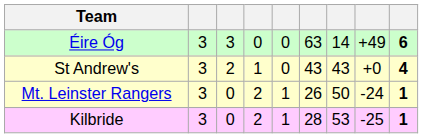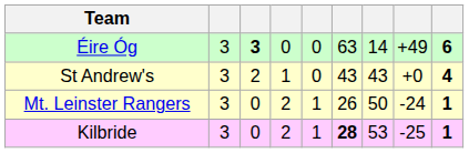 <table class="wikitable" style="text-align:center">
 <tr>
 <th style="width:175px;">Team</th>
 <th width="20"></th>
 <th width="20"></th>
 <th width="20"></th>
 <th width="20"></th>
 <th width="20"></th>
 <th width="20"></th>
 <th width="20"></th>
 <th width="20"></th>
 </tr>
 <tr style="background:#cfc;">
 <td><a href='#'>Éire Óg</a></td>
 <td>3</td>
-<td>3</td>
+<td><strong>3</strong></td>
 <td>0</td>
 <td>0</td>
 <td>63</td>
 <td>14</td>
 <td>+49</td>
 <td><strong>6</strong></td>
 </tr>
 <tr style="background:#ffc;">
 <td>St Andrew's</td>
 <td>3</td>
 <td>2</td>
 <td>1</td>
 <td>0</td>
 <td>43</td>
 <td>43</td>
 <td>+0</td>
 <td><strong>4</strong></td>
 </tr>
 <tr style="background:#ffc;">
 <td><a href='#'>Mt. Leinster Rangers</a></td>
 <td>3</td>
 <td>0</td>
 <td>2</td>
 <td>1</td>
 <td>26</td>
 <td>50</td>
 <td>-24</td>
 <td><strong>1</strong></td>
 </tr>
 <tr style="background:#fcf;">
 <td>Kilbride</td>
 <td>3</td>
 <td>0</td>
 <td>2</td>
 <td>1</td>
-<td>28</td>
+<td><strong>28</strong></td>
 <td>53</td>
 <td>-25</td>
 <td><strong>1</strong></td>
 </tr>
 </table>
